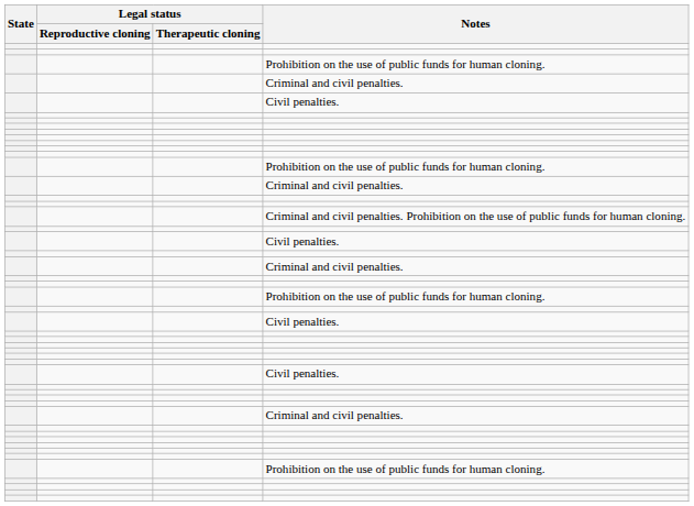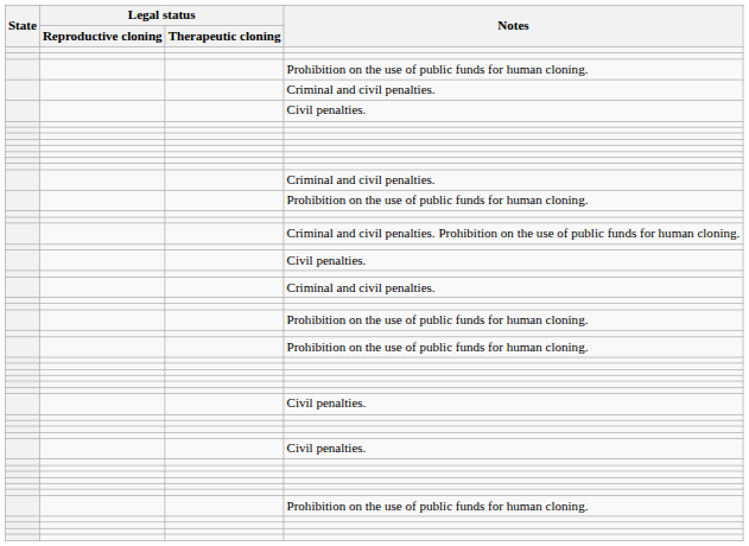 <table class="wikitable sortable plainrowheaders">
 <tr>
 <th rowspan="2">State</th>
 <th colspan="2">Legal status</th>
 <th rowspan="2">Notes</th>
 </tr>
 <tr>
 <th>Reproductive cloning</th>
 <th>Therapeutic cloning</th>
 </tr>
 <tr>
 <th scope="row"></th>
 <td></td>
 <td></td>
 <td></td>
 </tr>
 <tr>
 <th scope="row"></th>
 <td></td>
 <td></td>
 <td></td>
 </tr>
 <tr>
 <th scope="row"></th>
 <td></td>
 <td></td>
 <td>Prohibition on the use of public funds for human cloning.</td>
 </tr>
 <tr>
 <th scope="row"></th>
 <td></td>
 <td></td>
 <td>Criminal and civil penalties.</td>
 </tr>
 <tr>
 <th scope="row"></th>
 <td></td>
 <td></td>
 <td>Civil penalties.</td>
 </tr>
 <tr>
 <th scope="row"></th>
 <td></td>
 <td></td>
 <td></td>
 </tr>
 <tr>
 <th scope="row"></th>
 <td></td>
 <td></td>
 <td></td>
 </tr>
 <tr>
 <th scope="row"></th>
 <td></td>
 <td></td>
 <td></td>
 </tr>
 <tr>
 <th scope="row"></th>
 <td></td>
 <td></td>
 <td></td>
 </tr>
 <tr>
 <th scope="row"></th>
 <td></td>
 <td></td>
 <td></td>
 </tr>
 <tr>
 <th scope="row"></th>
 <td></td>
 <td></td>
 <td></td>
 </tr>
 <tr>
 <th scope="row"></th>
 <td></td>
 <td></td>
 <td></td>
 </tr>
 <tr>
 <th scope="row"></th>
 <td></td>
 <td></td>
 <td></td>
 </tr>
 <tr>
 <th scope="row"></th>
 <td></td>
 <td></td>
-<td>Prohibition on the use of public funds for human cloning.</td>
+<td>Criminal and civil penalties.</td>
 </tr>
 <tr>
 <th scope="row"></th>
 <td></td>
 <td></td>
-<td>Criminal and civil penalties.</td>
+<td>Prohibition on the use of public funds for human cloning.</td>
 </tr>
 <tr>
 <th scope="row"></th>
 <td></td>
 <td></td>
 <td></td>
 </tr>
 <tr>
 <th scope="row"></th>
 <td></td>
 <td></td>
 <td></td>
 </tr>
 <tr>
 <th scope="row"></th>
 <td></td>
 <td></td>
 <td>Criminal and civil penalties. Prohibition on the use of public funds for human cloning.</td>
 </tr>
 <tr>
 <th scope="row"></th>
 <td></td>
 <td></td>
 <td></td>
 </tr>
 <tr>
 <th scope="row"></th>
 <td></td>
 <td></td>
 <td>Civil penalties.</td>
 </tr>
 <tr>
 <th scope="row"></th>
 <td></td>
 <td></td>
 <td></td>
 </tr>
 <tr>
 <th scope="row"></th>
 <td></td>
 <td></td>
 <td>Criminal and civil penalties.</td>
 </tr>
 <tr>
 <th scope="row"></th>
 <td></td>
 <td></td>
 <td></td>
 </tr>
 <tr>
 <th scope="row"></th>
 <td></td>
 <td></td>
 <td></td>
 </tr>
 <tr>
 <th scope="row"></th>
 <td></td>
 <td></td>
 <td>Prohibition on the use of public funds for human cloning.</td>
 </tr>
 <tr>
 <th scope="row"></th>
 <td></td>
 <td></td>
 <td></td>
 </tr>
 <tr>
 <th scope="row"></th>
 <td></td>
 <td></td>
-<td>Civil penalties.</td>
+<td>Prohibition on the use of public funds for human cloning.</td>
 </tr>
 <tr>
 <th scope="row"></th>
 <td></td>
 <td></td>
 <td></td>
 </tr>
 <tr>
 <th scope="row"></th>
 <td></td>
 <td></td>
 <td></td>
 </tr>
 <tr>
 <th scope="row"></th>
 <td></td>
 <td></td>
 <td></td>
 </tr>
 <tr>
 <th scope="row"></th>
 <td></td>
 <td></td>
 <td></td>
 </tr>
 <tr>
 <th scope="row"></th>
 <td></td>
 <td></td>
 <td></td>
 </tr>
 <tr>
 <th scope="row"></th>
 <td></td>
 <td></td>
 <td></td>
 </tr>
 <tr>
 <th scope="row"></th>
 <td></td>
 <td></td>
 <td>Civil penalties.</td>
 </tr>
 <tr>
 <th scope="row"></th>
 <td></td>
 <td></td>
 <td></td>
 </tr>
 <tr>
 <th scope="row"></th>
 <td></td>
 <td></td>
 <td></td>
 </tr>
 <tr>
 <th scope="row"></th>
 <td></td>
 <td></td>
 <td></td>
 </tr>
 <tr>
 <th scope="row"></th>
 <td></td>
 <td></td>
 <td></td>
 </tr>
 <tr>
 <th scope="row"></th>
 <td></td>
 <td></td>
-<td>Criminal and civil penalties.</td>
+<td>Civil penalties.</td>
 </tr>
 <tr>
 <th scope="row"></th>
 <td></td>
 <td></td>
 <td></td>
 </tr>
 <tr>
 <th scope="row"></th>
 <td></td>
 <td></td>
 <td></td>
 </tr>
 <tr>
 <th scope="row"></th>
 <td></td>
 <td></td>
 <td></td>
 </tr>
 <tr>
 <th scope="row"></th>
 <td></td>
 <td></td>
 <td></td>
 </tr>
 <tr>
 <th scope="row"></th>
 <td></td>
 <td></td>
 <td></td>
 </tr>
 <tr>
 <th scope="row"></th>
 <td></td>
 <td></td>
 <td></td>
 </tr>
 <tr>
 <th scope="row"></th>
 <td></td>
 <td></td>
 <td>Prohibition on the use of public funds for human cloning.</td>
 </tr>
 <tr>
 <th scope="row"></th>
 <td></td>
 <td></td>
 <td></td>
 </tr>
 <tr>
 <th scope="row"></th>
 <td></td>
 <td></td>
 <td></td>
 </tr>
 <tr>
 <th scope="row"></th>
 <td></td>
 <td></td>
 <td></td>
 </tr>
 <tr>
 <th scope="row"></th>
 <td></td>
 <td></td>
 <td></td>
 </tr>
 </table>
